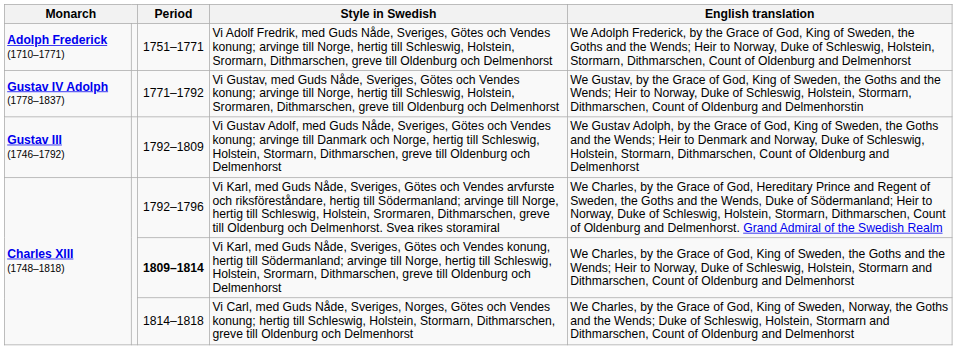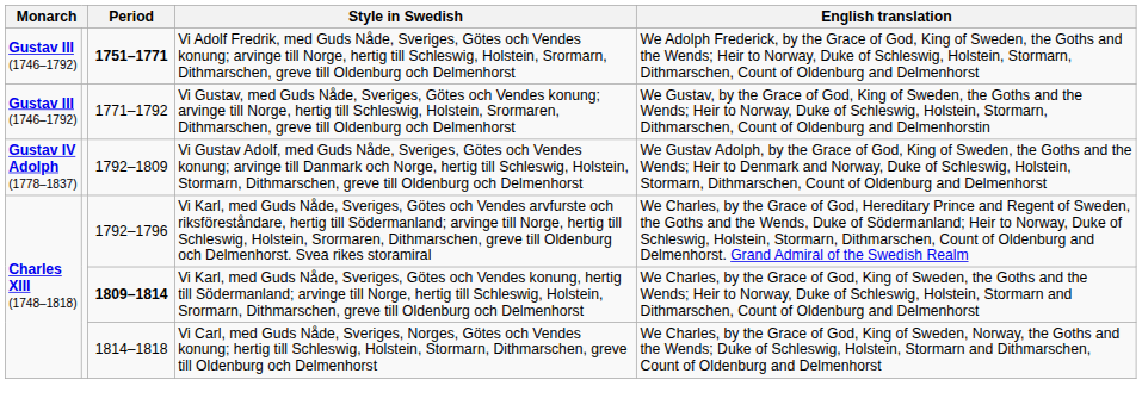 <table class="wikitable">
 <tr>
 <th colspan="2">Monarch</th>
 <th style="width:5.5em;text-align:center;">Period</th>
 <th>Style in Swedish</th>
 <th>English translation</th>
 </tr>
 <tr>
-<td style="width:10em;"><strong><a href='#'>Adolph Frederick</a></strong><br><small>(1710–1771)</small></td>
+<td><strong><a href='#'>Gustav III</a></strong><br><small>(1746–1792)</small></td>
 <td></td>
-<td style="text-align:center;">1751–1771</td>
+<td style="text-align:center;"><strong>1751–1771</strong></td>
 <td>Vi Adolf Fredrik, med Guds Nåde, Sveriges, Götes och Vendes konung; arvinge till Norge, hertig till Schleswig, Holstein, Srormarn, Dithmarschen, greve till Oldenburg och Delmenhorst</td>
 <td>We Adolph Frederick, by the Grace of God, King of Sweden, the Goths and the Wends; Heir to Norway, Duke of Schleswig, Holstein, Stormarn, Dithmarschen, Count of Oldenburg and Delmenhorst</td>
 </tr>
 <tr>
-<td><strong><a href='#'>Gustav IV Adolph</a></strong><br><small>(1778–1837)</small></td>
+<td><strong><a href='#'>Gustav III</a></strong><br><small>(1746–1792)</small></td>
 <td></td>
 <td style="text-align:center;">1771–1792</td>
 <td>Vi Gustav, med Guds Nåde, Sveriges, Götes och Vendes konung; arvinge till Norge, hertig till Schleswig, Holstein, Srormaren, Dithmarschen, greve till Oldenburg och Delmenhorst</td>
 <td>We Gustav, by the Grace of God, King of Sweden, the Goths and the Wends; Heir to Norway, Duke of Schleswig, Holstein, Stormarn, Dithmarschen, Count of Oldenburg and Delmenhorstin</td>
 </tr>
 <tr>
-<td><strong><a href='#'>Gustav III</a></strong><br><small>(1746–1792)</small></td>
+<td><strong><a href='#'>Gustav IV Adolph</a></strong><br><small>(1778–1837)</small></td>
 <td></td>
 <td style="text-align:center;">1792–1809</td>
 <td>Vi Gustav Adolf, med Guds Nåde, Sveriges, Götes och Vendes konung; arvinge till Danmark och Norge, hertig till Schleswig, Holstein, Stormarn, Dithmarschen, greve till Oldenburg och Delmenhorst</td>
 <td>We Gustav Adolph, by the Grace of God, King of Sweden, the Goths and the Wends; Heir to Denmark and Norway, Duke of Schleswig, Holstein, Stormarn, Dithmarschen, Count of Oldenburg and Delmenhorst</td>
 </tr>
 <tr>
 <td rowspan="3"><strong><a href='#'>Charles XIII</a></strong><br><small>(1748–1818)</small></td>
 <td rowspan="3"></td>
 <td style="text-align:center;">1792–1796</td>
 <td>Vi Karl, med Guds Nåde, Sveriges, Götes och Vendes arvfurste och riksföreståndare, hertig till Södermanland; arvinge till Norge, hertig till Schleswig, Holstein, Srormaren, Dithmarschen, greve till Oldenburg och Delmenhorst. Svea rikes storamiral</td>
 <td>We Charles, by the Grace of God, Hereditary Prince and Regent of Sweden, the Goths and the Wends, Duke of Södermanland; Heir to Norway, Duke of Schleswig, Holstein, Stormarn, Dithmarschen, Count of Oldenburg and Delmenhorst. <a href='#'>Grand Admiral of the Swedish Realm</a></td>
 </tr>
 <tr>
 <td style="text-align:center;"><strong>1809–1814</strong></td>
 <td>Vi Karl, med Guds Nåde, Sveriges, Götes och Vendes konung, hertig till Södermanland; arvinge till Norge, hertig till Schleswig, Holstein, Srormarn, Dithmarschen, greve till Oldenburg och Delmenhorst</td>
 <td>We Charles, by the Grace of God, King of Sweden, the Goths and the Wends; Heir to Norway, Duke of Schleswig, Holstein, Stormarn and Dithmarschen, Count of Oldenburg and Delmenhorst</td>
 </tr>
 <tr>
 <td style="text-align:center;">1814–1818</td>
 <td>Vi Carl, med Guds Nåde, Sveriges, Norges, Götes och Vendes konung; hertig till Schleswig, Holstein, Stormarn, Dithmarschen, greve till Oldenburg och Delmenhorst</td>
 <td>We Charles, by the Grace of God, King of Sweden, Norway, the Goths and the Wends; Duke of Schleswig, Holstein, Stormarn and Dithmarschen, Count of Oldenburg and Delmenhorst</td>
 </tr>
 </table>
